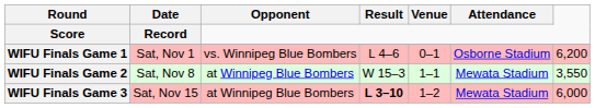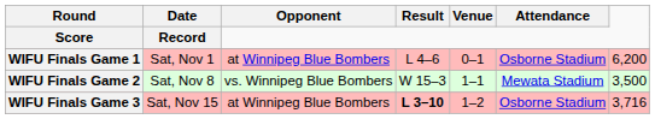 <table class="wikitable" style="text-align:center">
 <tr>
 <th>Round</th>
 <th>Date</th>
 <th>Opponent</th>
 <th>Result</th>
 <th>Venue</th>
 <th>Attendance</th>
 </tr>
 <tr>
 <th>Score</th>
 <th>Record</th>
 </tr>
 <tr style="background:#ffbbbb">
 <th>WIFU Finals Game 1</th>
 <td>Sat, Nov 1</td>
-<td>vs. Winnipeg Blue Bombers</td>
+<td>at <a href='#'>Winnipeg Blue Bombers</a></td>
 <td>L 4–6</td>
 <td>0–1</td>
 <td><a href='#'>Osborne Stadium</a></td>
 <td>6,200</td>
 </tr>
 <tr style="background:#ddffdd">
 <th>WIFU Finals Game 2</th>
 <td>Sat, Nov 8</td>
-<td>at <a href='#'>Winnipeg Blue Bombers</a></td>
+<td>vs. Winnipeg Blue Bombers</td>
 <td>W 15–3</td>
 <td>1–1</td>
 <td><a href='#'>Mewata Stadium</a></td>
-<td>3,550</td>
+<td>3,500</td>
 </tr>
 <tr style="background:#ffbbbb">
 <th>WIFU Finals Game 3</th>
 <td>Sat, Nov 15</td>
 <td>at Winnipeg Blue Bombers</td>
 <td><strong>L 3–10</strong></td>
 <td>1–2</td>
-<td><a href='#'>Mewata Stadium</a></td>
-<td>6,000</td>
+<td><a href='#'>Osborne Stadium</a></td>
+<td>3,716</td>
 </tr>
 </table>
